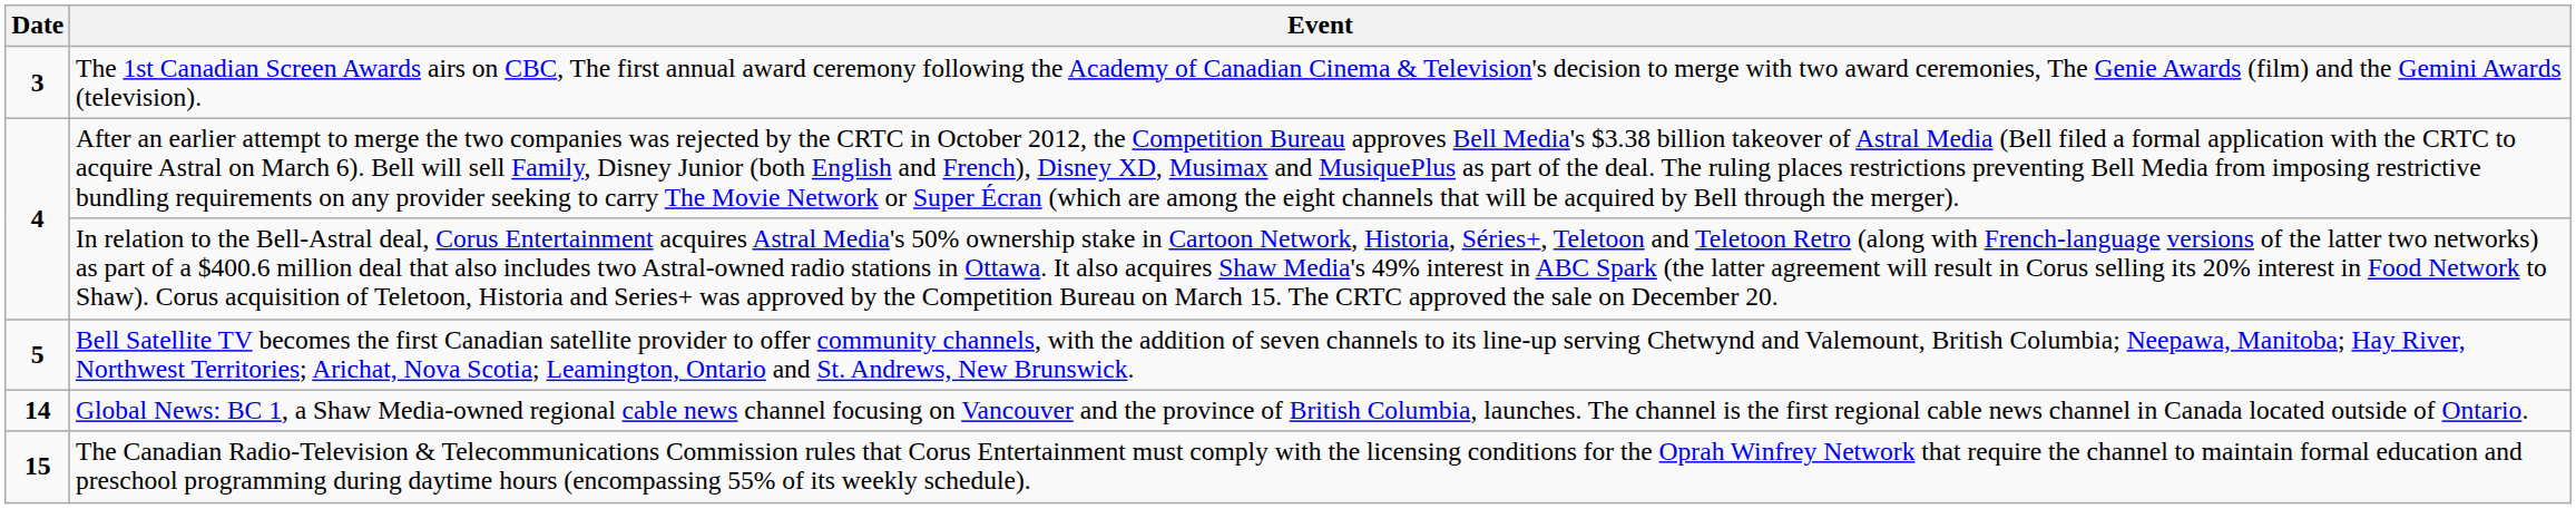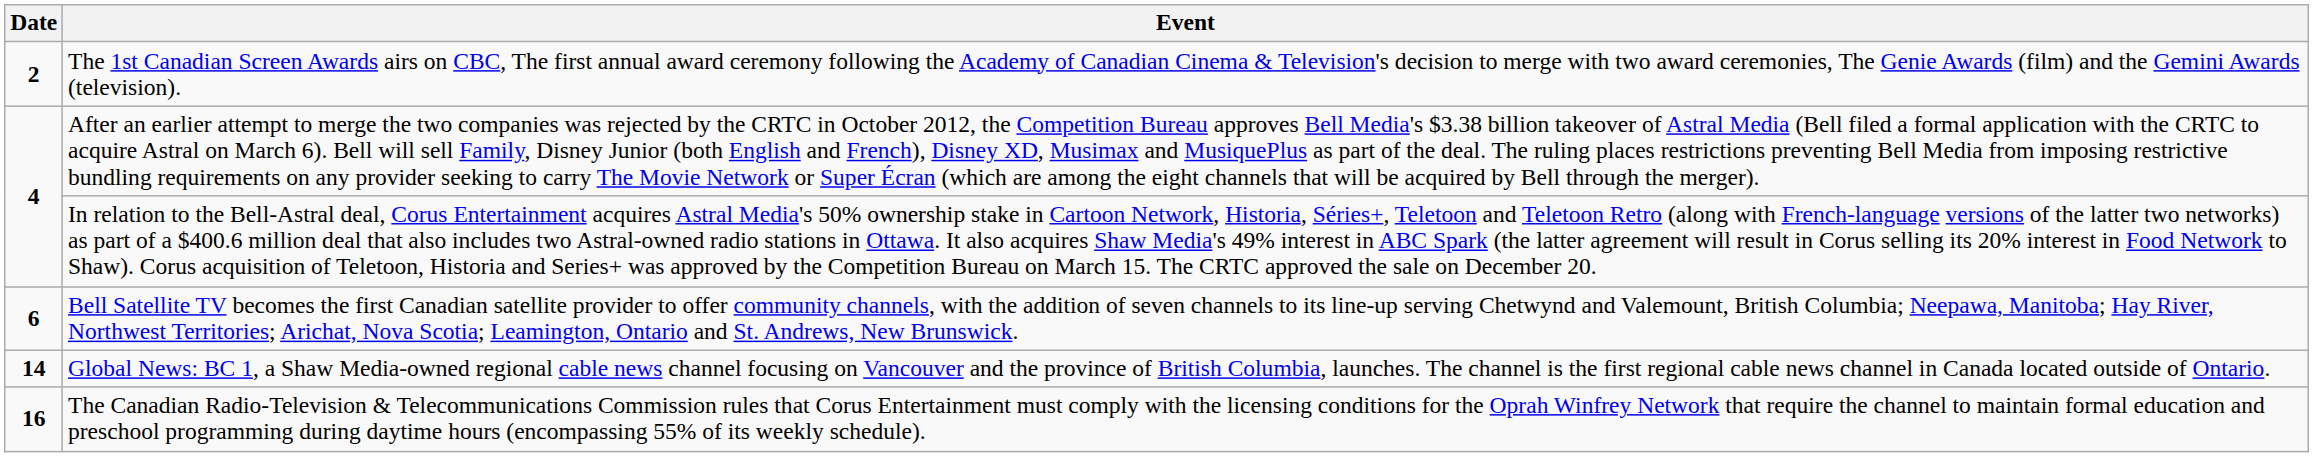 <table class="wikitable">
 <tr>
 <th>Date</th>
 <th>Event</th>
 </tr>
 <tr>
-<td style="text-align:center;"><strong>3</strong></td>
+<td style="text-align:center;"><strong>2</strong></td>
 <td>The <a href='#'>1st Canadian Screen Awards</a> airs on <a href='#'>CBC</a>, The first annual award ceremony following the <a href='#'>Academy of Canadian Cinema & Television</a>'s decision to merge with two award ceremonies, The <a href='#'>Genie Awards</a> (film) and the <a href='#'>Gemini Awards</a> (television).</td>
 </tr>
 <tr>
 <td style="text-align:center;" rowspan="2"><strong>4</strong></td>
 <td>After an earlier attempt to merge the two companies was rejected by the CRTC in October 2012, the <a href='#'>Competition Bureau</a> approves <a href='#'>Bell Media</a>'s $3.38 billion takeover of <a href='#'>Astral Media</a> (Bell filed a formal application with the CRTC to acquire Astral on March 6). Bell will sell <a href='#'>Family</a>, Disney Junior (both <a href='#'>English</a> and <a href='#'>French</a>), <a href='#'>Disney XD</a>, <a href='#'>Musimax</a> and <a href='#'>MusiquePlus</a> as part of the deal. The ruling places restrictions preventing Bell Media from imposing restrictive bundling requirements on any provider seeking to carry <a href='#'>The Movie Network</a> or <a href='#'>Super Écran</a> (which are among the eight channels that will be acquired by Bell through the merger).</td>
 </tr>
 <tr>
 <td>In relation to the Bell-Astral deal, <a href='#'>Corus Entertainment</a> acquires <a href='#'>Astral Media</a>'s 50% ownership stake in <a href='#'>Cartoon Network</a>, <a href='#'>Historia</a>, <a href='#'>Séries+</a>, <a href='#'>Teletoon</a> and <a href='#'>Teletoon Retro</a> (along with <a href='#'>French-language</a> <a href='#'>versions</a> of the latter two networks) as part of a $400.6 million deal that also includes two Astral-owned radio stations in <a href='#'>Ottawa</a>. It also acquires <a href='#'>Shaw Media</a>'s 49% interest in <a href='#'>ABC Spark</a> (the latter agreement will result in Corus selling its 20% interest in <a href='#'>Food Network</a> to Shaw). Corus acquisition of Teletoon, Historia and Series+ was approved by the Competition Bureau on March 15. The CRTC approved the sale on December 20.</td>
 </tr>
 <tr>
-<td style="text-align:center;"><strong>5</strong></td>
+<td style="text-align:center;"><strong>6</strong></td>
 <td><a href='#'>Bell Satellite TV</a> becomes the first Canadian satellite provider to offer <a href='#'>community channels</a>, with the addition of seven channels to its line-up serving Chetwynd and Valemount, British Columbia; <a href='#'>Neepawa, Manitoba</a>; <a href='#'>Hay River, Northwest Territories</a>; <a href='#'>Arichat, Nova Scotia</a>; <a href='#'>Leamington, Ontario</a> and <a href='#'>St. Andrews, New Brunswick</a>.</td>
 </tr>
 <tr>
 <td style="text-align:center;"><strong>14</strong></td>
 <td><a href='#'>Global News: BC 1</a>, a Shaw Media-owned regional <a href='#'>cable news</a> channel focusing on <a href='#'>Vancouver</a> and the province of <a href='#'>British Columbia</a>, launches. The channel is the first regional cable news channel in Canada located outside of <a href='#'>Ontario</a>.</td>
 </tr>
 <tr>
-<td style="text-align:center;"><strong>15</strong></td>
+<td style="text-align:center;"><strong>16</strong></td>
 <td>The Canadian Radio-Television & Telecommunications Commission rules that Corus Entertainment must comply with the licensing conditions for the <a href='#'>Oprah Winfrey Network</a> that require the channel to maintain formal education and preschool programming during daytime hours (encompassing 55% of its weekly schedule).</td>
 </tr>
 </table>
